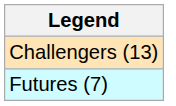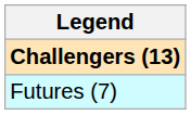 <table class="wikitable">
 <tr>
 <th>Legend</th>
 </tr>
 <tr bgcolor="moccasin">
-<td>Challengers (13)</td>
+<td><strong>Challengers (13)</strong></td>
 </tr>
 <tr bgcolor="CFFCFF">
 <td>Futures (7)</td>
 </tr>
 </table>
